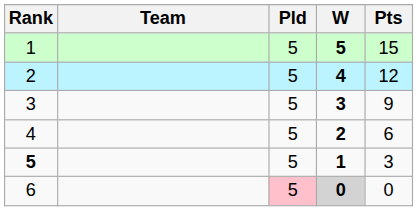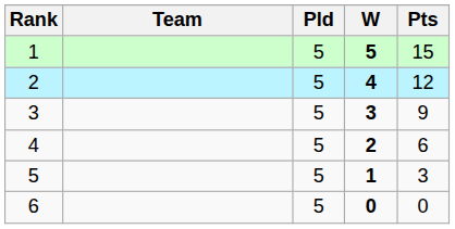 <table class="wikitable">
 <tr>
 </tr>
 <tr>
 <th style="width:35px;">Rank</th>
 <th style="width:180px;">Team</th>
 <th style="width:35px;">Pld</th>
 <th style="width:35px;">W</th>
 <th style="width:35px;">Pts</th>
 </tr>
 <tr bgcolor=#ccffcc>
 <td align=center>1</td>
 <td></td>
 <td align=center>5</td>
 <td align=center><strong>5</strong></td>
 <td align=center>15</td>
 </tr>
 <tr bgcolor=#bbf3ff>
 <td align=center>2</td>
 <td></td>
 <td align=center>5</td>
 <td align=center><strong>4</strong></td>
 <td align=center>12</td>
 </tr>
 <tr>
 <td align=center>3</td>
 <td></td>
 <td align=center>5</td>
 <td align=center><strong>3</strong></td>
 <td align=center>9</td>
 </tr>
 <tr>
 <td align=center>4</td>
 <td></td>
 <td align=center>5</td>
 <td align=center><strong>2</strong></td>
 <td align=center>6</td>
 </tr>
 <tr>
-<td align=center><strong>5</strong></td>
+<td align=center>5</td>
 <td></td>
 <td align=center>5</td>
 <td align=center><strong>1</strong></td>
 <td align=center>3</td>
 </tr>
 <tr>
 <td align=center>6</td>
 <td></td>
-<td align=center style="background: pink;">5</td>
-<td align=center style="background: lightgrey;"><strong>0</strong></td>
+<td align=center>5</td>
+<td align=center><strong>0</strong></td>
 <td align=center>0</td>
 </tr>
 </table>
